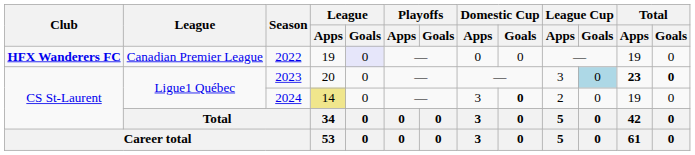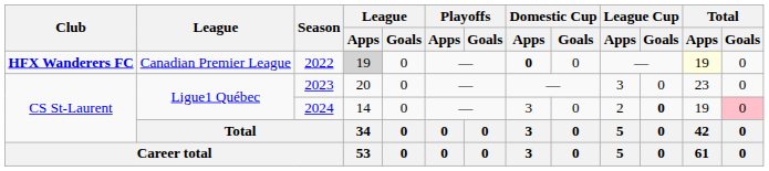 <table class="wikitable" style="text-align: center;">
 <tr>
 <th rowspan="2">Club</th>
 <th rowspan="2">League</th>
 <th rowspan="2">Season</th>
 <th colspan="2">League</th>
 <th colspan="2">Playoffs</th>
 <th colspan="2">Domestic Cup</th>
 <th colspan="2">League Cup</th>
 <th colspan="2">Total</th>
 </tr>
 <tr>
 <th>Apps</th>
 <th>Goals</th>
 <th>Apps</th>
 <th>Goals</th>
 <th>Apps</th>
 <th>Goals</th>
 <th>Apps</th>
 <th>Goals</th>
 <th>Apps</th>
 <th>Goals</th>
 </tr>
 <tr>
 <td><strong><a href='#'>HFX Wanderers FC</a></strong></td>
 <td><a href='#'>Canadian Premier League</a></td>
 <td><a href='#'>2022</a></td>
-<td>19</td>
-<td style="background: lavender;">0</td>
-<td colspan="2">—</td>
-<td>0</td>
+<td style="background: lightgrey;">19</td>
 <td>0</td>
 <td colspan="2">—</td>
-<td>19</td>
+<td><strong>0</strong></td>
+<td>0</td>
+<td colspan="2">—</td>
+<td style="background: lightyellow;">19</td>
 <td>0</td>
 </tr>
 <tr>
 <td rowspan=3><a href='#'>CS St-Laurent</a></td>
 <td rowspan=2><a href='#'>Ligue1 Québec</a></td>
 <td><a href='#'>2023</a></td>
 <td>20</td>
 <td>0</td>
 <td colspan="2">—</td>
 <td colspan="2">—</td>
 <td>3</td>
-<td style="background: lightblue;">0</td>
-<td><strong>23</strong></td>
-<td><strong>0</strong></td>
+<td>0</td>
+<td>23</td>
+<td>0</td>
 </tr>
 <tr>
 <td><a href='#'>2024</a></td>
-<td style="background: khaki;">14</td>
+<td>14</td>
 <td>0</td>
 <td colspan="2">—</td>
 <td>3</td>
+<td>0</td>
+<td>2</td>
 <td><strong>0</strong></td>
-<td>2</td>
-<td>0</td>
 <td>19</td>
-<td>0</td>
+<td style="background: pink;">0</td>
 </tr>
 <tr>
 <th colspan="2">Total</th>
 <th>34</th>
 <th>0</th>
 <th>0</th>
 <th>0</th>
 <th>3</th>
 <th>0</th>
 <th>5</th>
 <th>0</th>
 <th>42</th>
 <th>0</th>
 </tr>
 <tr>
 <th colspan="3">Career total</th>
 <th>53</th>
 <th>0</th>
 <th>0</th>
 <th>0</th>
 <th>3</th>
 <th>0</th>
 <th>5</th>
 <th>0</th>
 <th>61</th>
 <th>0</th>
 </tr>
 </table>
